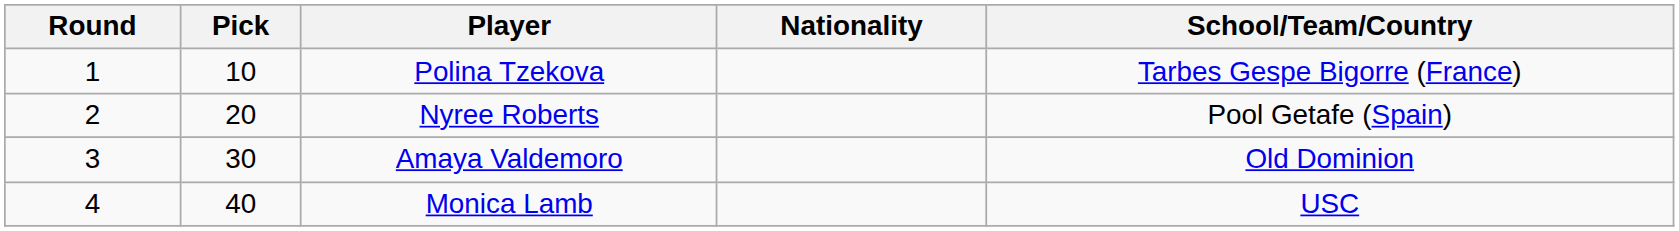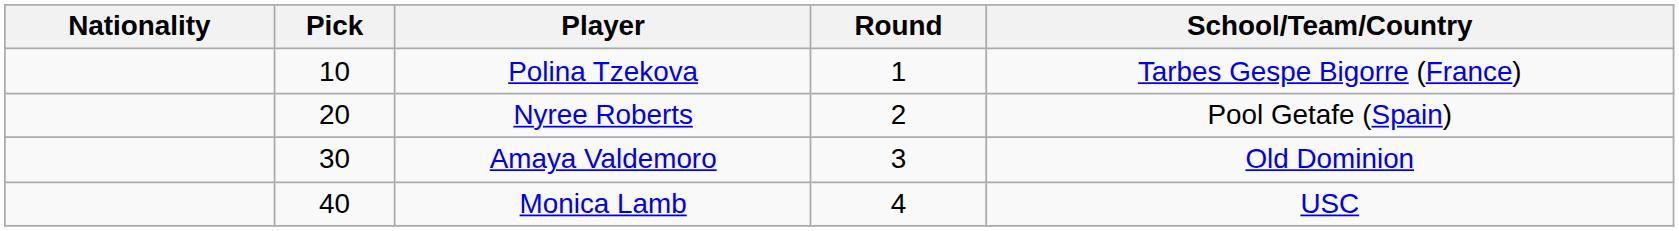 <table class="wikitable" style="text-align:center; width:60em">
 <tr>
-<th>Round</th>
+<th>Nationality</th>
 <th>Pick</th>
 <th>Player</th>
-<th>Nationality</th>
+<th>Round</th>
 <th>School/Team/Country</th>
 </tr>
 <tr>
-<td>1</td>
+<td></td>
 <td>10</td>
 <td><a href='#'>Polina Tzekova</a></td>
-<td></td>
+<td>1</td>
 <td><a href='#'>Tarbes Gespe Bigorre</a> (<a href='#'>France</a>)</td>
 </tr>
 <tr>
-<td>2</td>
+<td></td>
 <td>20</td>
 <td><a href='#'>Nyree Roberts</a></td>
-<td></td>
+<td>2</td>
 <td>Pool Getafe (<a href='#'>Spain</a>)</td>
 </tr>
 <tr>
-<td>3</td>
+<td></td>
 <td>30</td>
 <td><a href='#'>Amaya Valdemoro</a></td>
-<td></td>
+<td>3</td>
 <td><a href='#'>Old Dominion</a></td>
 </tr>
 <tr>
-<td>4</td>
+<td></td>
 <td>40</td>
 <td><a href='#'>Monica Lamb</a></td>
-<td></td>
+<td>4</td>
 <td><a href='#'>USC</a></td>
 </tr>
 </table>
